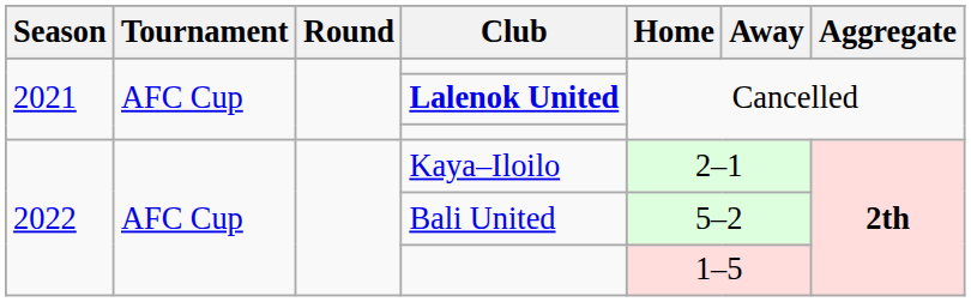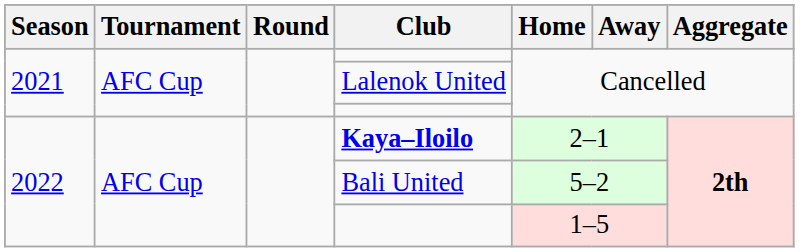 <table class="wikitable" align=center cellspacing="0" cellpadding="3" style="border:1px solid #AAAAAA;font-size:90%">
 <tr>
 <th>Season</th>
 <th>Tournament</th>
 <th>Round</th>
 <th>Club</th>
 <th>Home</th>
 <th>Away</th>
 <th>Aggregate</th>
 </tr>
 <tr>
 <td rowspan="3"><a href='#'>2021</a></td>
 <td rowspan="3"><a href='#'>AFC Cup</a></td>
 <td rowspan="3"></td>
 <td></td>
 <td colspan="3" rowspan=3 style="text-align:center">Cancelled</td>
 </tr>
 <tr>
-<td><strong> <a href='#'>Lalenok United</a></strong></td>
+<td> <a href='#'>Lalenok United</a></td>
 </tr>
 <tr>
 <td></td>
 </tr>
 <tr>
 <td rowspan="3"><a href='#'>2022</a></td>
 <td rowspan="3"><a href='#'>AFC Cup</a></td>
 <td rowspan="3"></td>
-<td> <a href='#'>Kaya–Iloilo</a></td>
+<td><strong> <a href='#'>Kaya–Iloilo</a></strong></td>
 <td colspan=2 bgcolor=#dfd style="text-align:center;">2–1</td>
 <td rowspan=3 bgcolor=#fdd style="text-align:center"><strong>2th</strong></td>
 </tr>
 <tr>
 <td> <a href='#'>Bali United</a></td>
 <td colspan=2 bgcolor=#dfd style="text-align:center;">5–2</td>
 </tr>
 <tr>
 <td></td>
 <td colspan=2 bgcolor=#fdd style="text-align:center;">1–5</td>
 </tr>
 </table>
